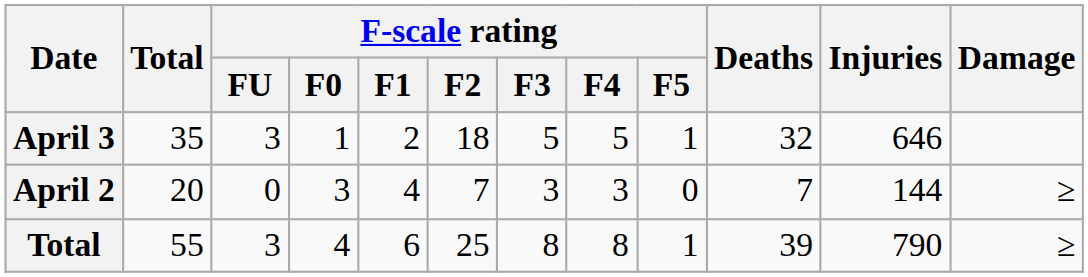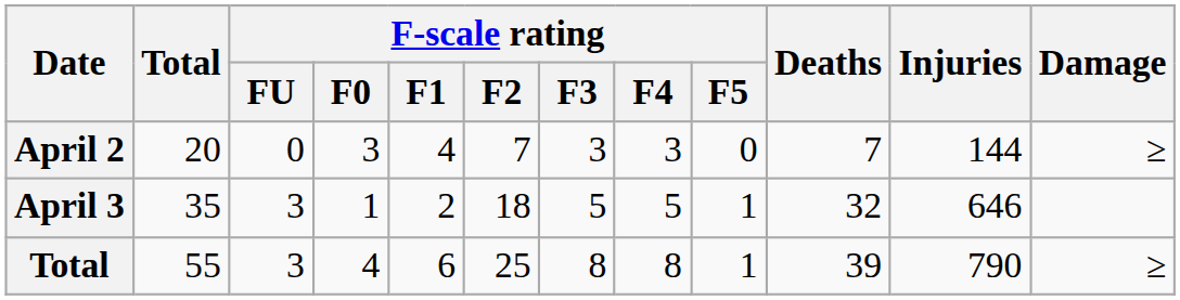 <table class="wikitable sortable" style="margin: 1em auto 1em auto;">
 <tr>
 <th scope="col" rowspan="2">Date</th>
 <th scope="col" rowspan="2" align="center">Total</th>
 <th scope="col" colspan="7" align="center"><a href='#'>F-scale</a> rating</th>
 <th scope="col" rowspan="2" align="center">Deaths</th>
 <th scope="col" rowspan="2" align="center">Injuries</th>
 <th scope="col" rowspan="2" align="center">Damage</th>
 </tr>
 <tr>
 <th scope="col" align="center"> FU </th>
 <th scope="col" align="center"> F0 </th>
 <th scope="col" align="center"> F1 </th>
 <th scope="col" align="center"> F2 </th>
 <th scope="col" align="center"> F3 </th>
 <th scope="col" align="center"> F4 </th>
 <th scope="col" align="center"> F5 </th>
 </tr>
 <tr>
+<th scope="row">April 2</th>
+<td align="right">20</td>
+<td align="right">0</td>
+<td align="right">3</td>
+<td align="right">4</td>
+<td align="right">7</td>
+<td align="right">3</td>
+<td align="right">3</td>
+<td align="right">0</td>
+<td align="right">7</td>
+<td align="right">144</td>
+<td align="right">≥ </td>
+</tr>
+<tr>
 <th scope="row">April 3</th>
 <td align="right">35</td>
 <td align="right">3</td>
 <td align="right">1</td>
 <td align="right">2</td>
 <td align="right">18</td>
 <td align="right">5</td>
 <td align="right">5</td>
 <td align="right">1</td>
 <td align="right">32</td>
 <td align="right">646</td>
 <td align="right"></td>
-</tr>
-<tr>
-<th scope="row">April 2</th>
-<td align="right">20</td>
-<td align="right">0</td>
-<td align="right">3</td>
-<td align="right">4</td>
-<td align="right">7</td>
-<td align="right">3</td>
-<td align="right">3</td>
-<td align="right">0</td>
-<td align="right">7</td>
-<td align="right">144</td>
-<td align="right">≥ </td>
 </tr>
 <tr class="sortbottom">
 <th scope="row">Total</th>
 <td align="right">55</td>
 <td align="right">3</td>
 <td align="right">4</td>
 <td align="right">6</td>
 <td align="right">25</td>
 <td align="right">8</td>
 <td align="right">8</td>
 <td align="right">1</td>
 <td align="right">39</td>
 <td align="right">790</td>
 <td align="right">≥ </td>
 </tr>
 </table>
